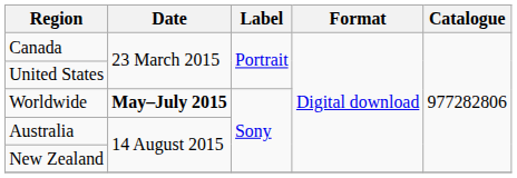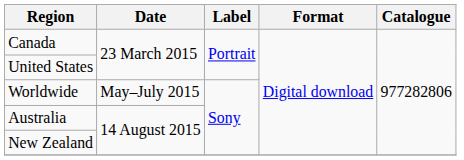 <table class="wikitable">
 <tr>
 <th>Region</th>
 <th>Date</th>
 <th>Label</th>
 <th>Format</th>
 <th>Catalogue</th>
 </tr>
 <tr>
 <td>Canada</td>
 <td rowspan="2">23 March 2015</td>
 <td rowspan="2"><a href='#'>Portrait</a></td>
 <td rowspan="5"><a href='#'>Digital download</a></td>
 <td rowspan="5">977282806</td>
 </tr>
 <tr>
 <td>United States</td>
 </tr>
 <tr>
 <td>Worldwide</td>
-<td><strong>May–July 2015</strong></td>
+<td>May–July 2015</td>
 <td rowspan="3"><a href='#'>Sony</a></td>
 </tr>
 <tr>
 <td>Australia</td>
 <td rowspan="2">14 August 2015</td>
 </tr>
 <tr>
 <td>New Zealand</td>
 </tr>
 <tr>
 </tr>
 </table>
